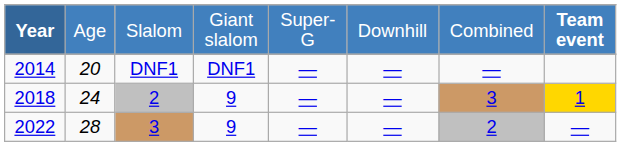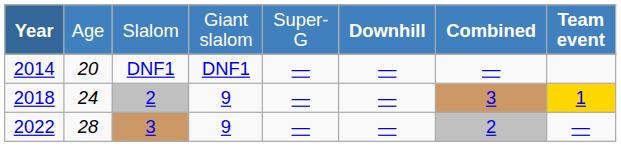 <table class="wikitable" style="font-size:95%; text-align:center; border:grey solid 1px; border-collapse:collapse;" width="40%">
 <tr style="background-color:#369; color:white;">
 <td rowspan="2" colspan="1" width="4%"><strong>Year</strong></td>
 </tr>
 <tr style="background-color:#4180be; color:white;">
 <td width="3%">Age</td>
 <td width="5%">Slalom</td>
 <td width="5%">Giant<br>slalom</td>
 <td width="5%">Super-G</td>
-<td width="5%">Downhill</td>
-<td width="5%">Combined</td>
+<td width="5%"><strong>Downhill</strong></td>
+<td width="5%"><strong>Combined</strong></td>
 <td width="5%"><strong>Team event</strong></td>
 </tr>
 <tr style="background-color:#8CB2D8; color:white;">
 </tr>
 <tr>
 <td><a href='#'>2014</a></td>
 <td><em>20</em></td>
 <td><a href='#'>DNF1</a></td>
 <td><a href='#'>DNF1</a></td>
 <td><a href='#'>—</a></td>
 <td><a href='#'>—</a></td>
 <td><a href='#'>—</a></td>
 <td></td>
 </tr>
 <tr>
 <td><a href='#'>2018</a></td>
 <td><em>24</em></td>
 <td style="background:silver;"><a href='#'>2</a></td>
 <td><a href='#'>9</a></td>
 <td><a href='#'>—</a></td>
 <td><a href='#'>—</a></td>
 <td bgcolor=cc9966><a href='#'>3</a></td>
 <td bgcolor="gold"><a href='#'>1</a></td>
 </tr>
 <tr>
 <td><a href='#'>2022</a></td>
 <td><em>28</em></td>
 <td bgcolor=cc9966><a href='#'>3</a></td>
 <td><a href='#'>9</a></td>
 <td><a href='#'>—</a></td>
 <td><a href='#'>—</a></td>
 <td style="background:silver;"><a href='#'>2</a></td>
 <td><a href='#'>—</a></td>
 </tr>
 </table>
